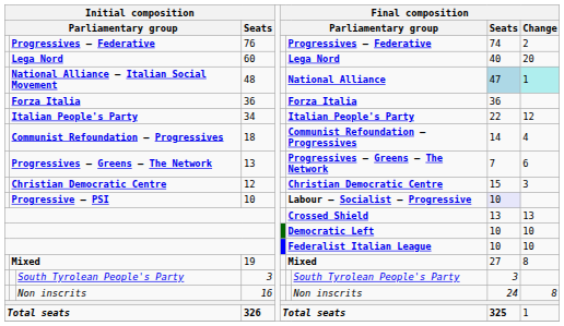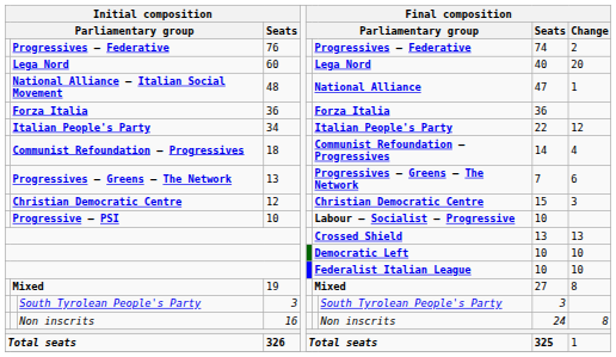 <table class="wikitable" style="width : 60%;">
 <tr>
 <th colspan="4">Initial composition</th>
 <td rowspan="30" style="width : 1%;"></td>
 <th colspan="5">Final composition</th>
 </tr>
 <tr>
 <th colspan="3">Parliamentary group</th>
 <th>Seats</th>
 <th colspan="3">Parliamentary group</th>
 <th>Seats</th>
 <th>Change</th>
 </tr>
 <tr>
 <td></td>
 <td colspan = "2"><strong><a href='#'>Progressives</a> – <a href='#'>Federative</a></strong></td>
 <td>76</td>
 <td></td>
 <td colspan = "2"><strong><a href='#'>Progressives</a> – <a href='#'>Federative</a></strong></td>
 <td>74</td>
 <td> 2</td>
 </tr>
 <tr>
 <td></td>
 <td colspan = "2"><strong><a href='#'>Lega Nord</a></strong></td>
 <td>60</td>
 <td></td>
 <td colspan = "2"><strong><a href='#'>Lega Nord</a></strong></td>
 <td>40</td>
 <td> 20</td>
 </tr>
 <tr>
 <td></td>
 <td colspan = "2"><strong><a href='#'>National Alliance</a> – <a href='#'>Italian Social Movement</a></strong></td>
 <td>48</td>
 <td></td>
 <td colspan = "2"><strong><a href='#'>National Alliance</a></strong></td>
-<td style="background: lightblue;">47</td>
-<td style="background: paleturquoise;"> 1</td>
+<td>47</td>
+<td> 1</td>
 </tr>
 <tr>
 <td></td>
 <td colspan = "2"><strong><a href='#'>Forza Italia</a></strong></td>
 <td>36</td>
 <td></td>
 <td colspan = "2"><strong><a href='#'>Forza Italia</a></strong></td>
 <td>36</td>
 <td></td>
 </tr>
 <tr>
 <td></td>
 <td colspan = "2"><strong><a href='#'>Italian People's Party</a></strong></td>
 <td>34</td>
 <td></td>
 <td colspan = "2"><strong><a href='#'>Italian People's Party</a></strong></td>
 <td>22</td>
 <td> 12</td>
 </tr>
 <tr>
 <td></td>
 <td colspan = "2"><strong><a href='#'>Communist Refoundation</a> – <a href='#'>Progressives</a></strong></td>
 <td>18</td>
 <td></td>
 <td colspan = "2"><strong><a href='#'>Communist Refoundation</a> – <a href='#'>Progressives</a></strong></td>
 <td>14</td>
 <td> 4</td>
 </tr>
 <tr>
 <td></td>
 <td colspan = "2"><strong><a href='#'>Progressives</a> – <a href='#'>Greens</a> – <a href='#'>The Network</a></strong></td>
 <td>13</td>
 <td></td>
 <td colspan = "2"><strong><a href='#'>Progressives</a> – <a href='#'>Greens</a> – <a href='#'>The Network</a></strong></td>
 <td>7</td>
 <td> 6</td>
 </tr>
 <tr>
 <td></td>
 <td colspan = "2"><strong><a href='#'>Christian Democratic Centre</a></strong></td>
 <td>12</td>
 <td></td>
 <td colspan = "2"><strong><a href='#'>Christian Democratic Centre</a></strong></td>
 <td>15</td>
 <td> 3</td>
 </tr>
 <tr>
 <td></td>
 <td colspan = "2"><strong><a href='#'>Progressive</a> – <a href='#'>PSI</a></strong></td>
 <td>10</td>
 <td></td>
 <td colspan = "2"><strong>Labour – <a href='#'>Socialist</a> – <a href='#'>Progressive</a></strong></td>
-<td style="background: lavender;">10</td>
+<td>10</td>
 <td></td>
 </tr>
 <tr>
 <td colspan = "4"></td>
 <td></td>
 <td colspan = "2"><strong><a href='#'>Crossed Shield</a></strong></td>
 <td>13</td>
 <td> 13</td>
 </tr>
 <tr>
 <td colspan = "4"></td>
 <td bgcolor="darkgreen" width=1%></td>
 <td colspan = "2"><strong><a href='#'>Democratic Left</a></strong></td>
 <td>10</td>
 <td> 10</td>
 </tr>
 <tr>
 <td colspan = "4"></td>
 <td bgcolor="blue" width=1%></td>
 <td colspan = "2"><strong><a href='#'>Federalist Italian League</a></strong></td>
 <td>10</td>
 <td> 10</td>
 </tr>
 <tr>
 <td></td>
 <td colspan = "2"><strong>Mixed</strong></td>
 <td>19</td>
 <td></td>
 <td colspan = "2"><strong>Mixed</strong></td>
 <td>27</td>
 <td> 8</td>
 </tr>
 <tr>
 <td></td>
 <td></td>
 <td><em><a href='#'>South Tyrolean People's Party</a></em></td>
 <td align="right"><em>3</em></td>
 <td></td>
 <td></td>
 <td><em><a href='#'>South Tyrolean People's Party</a></em></td>
 <td align="right"><em>3</em></td>
 <td align="right"></td>
 </tr>
 <tr>
 <td></td>
 <td></td>
 <td><em>Non inscrits</em></td>
 <td align="right"><em>16</em></td>
 <td></td>
 <td></td>
 <td><em>Non inscrits</em></td>
 <td align="right"><em>24</em></td>
 <td align="right"> <em>8</em></td>
 </tr>
 <tr>
 <th colspan="4"></th>
 <th colspan="5"></th>
 </tr>
 <tr>
 <td colspan="3"><strong><em>Total seats</em></strong></td>
 <td><strong>326</strong></td>
 <td colspan="3"><strong><em>Total seats</em></strong></td>
 <td><strong>325</strong></td>
 <td> 1</td>
 </tr>
 <tr>
 </tr>
 </table>
